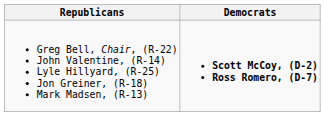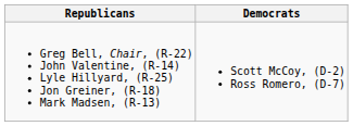 <table class=wikitable>
 <tr>
 <th>Republicans</th>
 <th>Democrats</th>
 </tr>
 <tr>
 <td><br><ul><li>Greg Bell, <em>Chair</em>, (R-22)</li><li>John Valentine, (R-14)</li><li>Lyle Hillyard, (R-25)</li><li>Jon Greiner, (R-18)</li><li>Mark Madsen, (R-13)</li></ul></td>
-<td><strong><br><ul><li>Scott McCoy, (D-2)</li><li>Ross Romero, (D-7)</li></ul></strong></td>
+<td><br><ul><li>Scott McCoy, (D-2)</li><li>Ross Romero, (D-7)</li></ul></td>
 </tr>
 </table>
